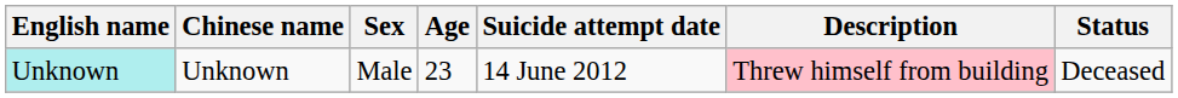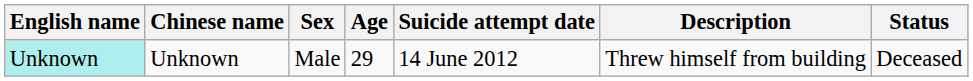 <table class="wikitable sortable">
 <tr>
 <th>English name</th>
 <th>Chinese name</th>
 <th>Sex</th>
 <th>Age</th>
 <th>Suicide attempt date</th>
 <th>Description</th>
 <th>Status</th>
 </tr>
 <tr>
 <td style="background: paleturquoise;">Unknown</td>
 <td>Unknown</td>
 <td>Male</td>
-<td>23</td>
+<td>29</td>
 <td>14 June 2012</td>
-<td style="background: pink;">Threw himself from building</td>
+<td>Threw himself from building</td>
 <td>Deceased</td>
 </tr>
 </table>
